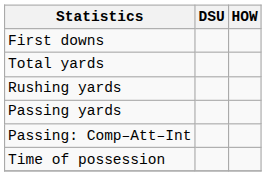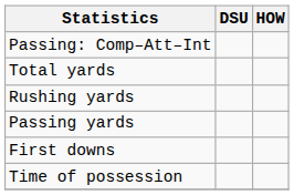 <table class="wikitable" style="float: left;">
 <tr>
 <th>Statistics</th>
 <th>DSU</th>
 <th>HOW</th>
 </tr>
 <tr>
-<td>First downs</td>
+<td>Passing: Comp–Att–Int</td>
 <td></td>
 <td></td>
 </tr>
 <tr>
 <td>Total yards</td>
 <td></td>
 <td></td>
 </tr>
 <tr>
 <td>Rushing yards</td>
 <td></td>
 <td></td>
 </tr>
 <tr>
 <td>Passing yards</td>
 <td></td>
 <td></td>
 </tr>
 <tr>
-<td>Passing: Comp–Att–Int</td>
+<td>First downs</td>
 <td></td>
 <td></td>
 </tr>
 <tr>
 <td>Time of possession</td>
 <td></td>
 <td></td>
 </tr>
 <tr>
 </tr>
 </table>
